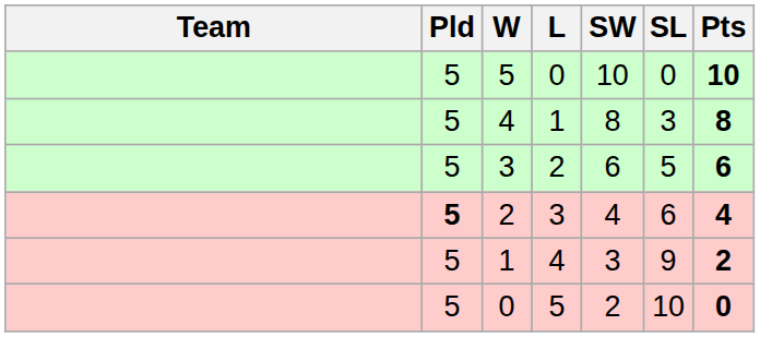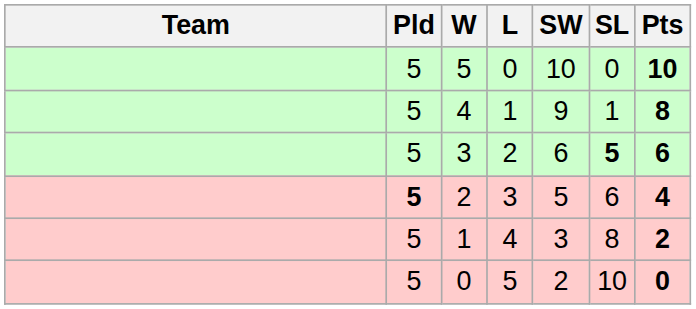 <table class=wikitable style="text-align:center">
 <tr>
 <th width=220>Team</th>
 <th width=20>Pld</th>
 <th width=20>W</th>
 <th width=20>L</th>
 <th width=20>SW</th>
 <th width=20>SL</th>
 <th width=20>Pts</th>
 </tr>
 <tr bgcolor=ccffcc>
 <td align=left></td>
 <td>5</td>
 <td>5</td>
 <td>0</td>
 <td>10</td>
 <td>0</td>
 <td><strong>10</strong></td>
 </tr>
 <tr bgcolor=ccffcc>
 <td align=left></td>
 <td>5</td>
 <td>4</td>
 <td>1</td>
-<td>8</td>
-<td>3</td>
+<td>9</td>
+<td>1</td>
 <td><strong>8</strong></td>
 </tr>
 <tr bgcolor=ccffcc>
 <td align=left></td>
 <td>5</td>
 <td>3</td>
 <td>2</td>
 <td>6</td>
-<td>5</td>
+<td><strong>5</strong></td>
 <td><strong>6</strong></td>
 </tr>
 <tr bgcolor=ffcccc>
 <td align=left></td>
 <td><strong>5</strong></td>
 <td>2</td>
 <td>3</td>
-<td>4</td>
+<td>5</td>
 <td>6</td>
 <td><strong>4</strong></td>
 </tr>
 <tr bgcolor=ffcccc>
 <td align=left></td>
 <td>5</td>
 <td>1</td>
 <td>4</td>
 <td>3</td>
-<td>9</td>
+<td>8</td>
 <td><strong>2</strong></td>
 </tr>
 <tr bgcolor=ffcccc>
 <td align=left></td>
 <td>5</td>
 <td>0</td>
 <td>5</td>
 <td>2</td>
 <td>10</td>
 <td><strong>0</strong></td>
 </tr>
 </table>
